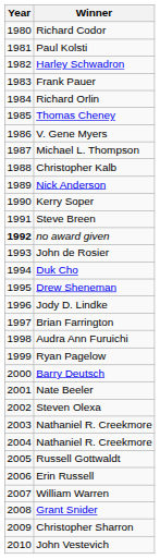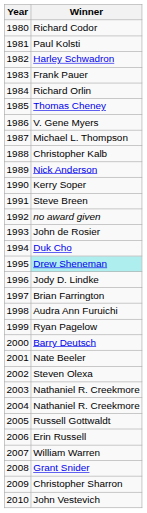 <table class="wikitable sortable">
 <tr>
 <th>Year</th>
 <th>Winner</th>
 </tr>
 <tr>
 <td>1980</td>
 <td>Richard Codor</td>
 </tr>
 <tr>
 <td>1981</td>
 <td>Paul Kolsti</td>
 </tr>
 <tr>
 <td>1982</td>
 <td><a href='#'>Harley Schwadron</a></td>
 </tr>
 <tr>
 <td>1983</td>
 <td>Frank Pauer</td>
 </tr>
 <tr>
 <td>1984</td>
 <td>Richard Orlin</td>
 </tr>
 <tr>
 <td>1985</td>
 <td><a href='#'>Thomas Cheney</a></td>
 </tr>
 <tr>
 <td>1986</td>
 <td>V. Gene Myers</td>
 </tr>
 <tr>
 <td>1987</td>
 <td>Michael L. Thompson</td>
 </tr>
 <tr>
 <td>1988</td>
 <td>Christopher Kalb</td>
 </tr>
 <tr>
 <td>1989</td>
 <td><a href='#'>Nick Anderson</a></td>
 </tr>
 <tr>
 <td>1990</td>
 <td>Kerry Soper</td>
 </tr>
 <tr>
 <td>1991</td>
 <td>Steve Breen</td>
 </tr>
 <tr>
-<td><strong>1992</strong></td>
+<td>1992</td>
 <td><em>no award given</em></td>
 </tr>
 <tr>
 <td>1993</td>
 <td>John de Rosier</td>
 </tr>
 <tr>
 <td>1994</td>
 <td><a href='#'>Duk Cho</a></td>
 </tr>
 <tr>
 <td>1995</td>
-<td><a href='#'>Drew Sheneman</a></td>
+<td style="background: paleturquoise;"><a href='#'>Drew Sheneman</a></td>
 </tr>
 <tr>
 <td>1996</td>
 <td>Jody D. Lindke</td>
 </tr>
 <tr>
 <td>1997</td>
 <td>Brian Farrington</td>
 </tr>
 <tr>
 <td>1998</td>
 <td>Audra Ann Furuichi</td>
 </tr>
 <tr>
 <td>1999</td>
 <td>Ryan Pagelow</td>
 </tr>
 <tr>
 <td>2000</td>
 <td><a href='#'>Barry Deutsch</a></td>
 </tr>
 <tr>
 <td>2001</td>
 <td>Nate Beeler</td>
 </tr>
 <tr>
 <td>2002</td>
 <td>Steven Olexa</td>
 </tr>
 <tr>
 <td>2003</td>
 <td>Nathaniel R. Creekmore</td>
 </tr>
 <tr>
 <td>2004</td>
 <td>Nathaniel R. Creekmore</td>
 </tr>
 <tr>
 <td>2005</td>
 <td>Russell Gottwaldt</td>
 </tr>
 <tr>
 <td>2006</td>
 <td>Erin Russell</td>
 </tr>
 <tr>
 <td>2007</td>
 <td>William Warren</td>
 </tr>
 <tr>
 <td>2008</td>
 <td><a href='#'>Grant Snider</a></td>
 </tr>
 <tr>
 <td>2009</td>
 <td>Christopher Sharron</td>
 </tr>
 <tr>
 <td>2010</td>
 <td>John Vestevich</td>
 </tr>
 </table>
